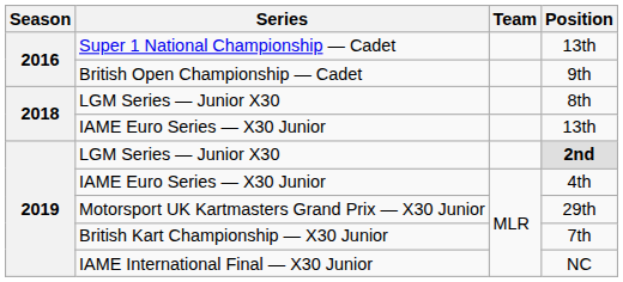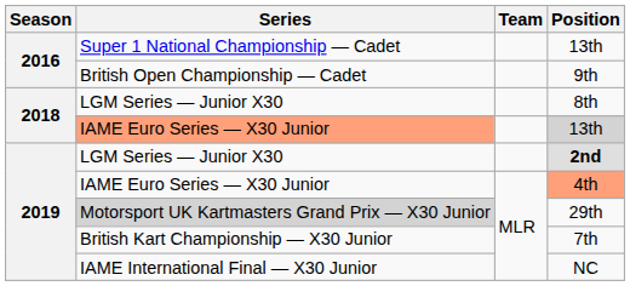 <table class="wikitable" style="font-size: 85%; text-align:center">
 <tr>
 <th>Season</th>
 <th>Series</th>
 <th>Team</th>
 <th>Position</th>
 </tr>
 <tr>
 <th rowspan="2">2016</th>
 <td align="left"><a href='#'>Super 1 National Championship</a> — Cadet</td>
 <td align="left"></td>
 <td>13th</td>
 </tr>
 <tr>
 <td align="left">British Open Championship — Cadet</td>
 <td align="left"></td>
 <td>9th</td>
 </tr>
 <tr>
 <th rowspan="2">2018</th>
 <td align="left">LGM Series — Junior X30</td>
 <td align="left"></td>
 <td>8th</td>
 </tr>
 <tr>
-<td align="left">IAME Euro Series — X30 Junior</td>
+<td align="left" style="background: lightsalmon;">IAME Euro Series — X30 Junior</td>
 <td></td>
-<td>13th</td>
+<td style="background: lightgrey;">13th</td>
 </tr>
 <tr>
 <th rowspan="5">2019</th>
 <td align="left">LGM Series — Junior X30</td>
 <td align="left"></td>
 <td style="background:#DFDFDF;"><strong>2nd</strong></td>
 </tr>
 <tr>
 <td align="left">IAME Euro Series — X30 Junior</td>
 <td rowspan="4"  align="left">MLR</td>
-<td>4th</td>
+<td style="background: lightsalmon;">4th</td>
 </tr>
 <tr>
-<td align="left">Motorsport UK Kartmasters Grand Prix — X30 Junior</td>
+<td align="left" style="background: lightgrey;">Motorsport UK Kartmasters Grand Prix — X30 Junior</td>
 <td>29th</td>
 </tr>
 <tr>
 <td align="left">British Kart Championship — X30 Junior</td>
 <td>7th</td>
 </tr>
 <tr>
 <td align="left">IAME International Final — X30 Junior</td>
 <td>NC</td>
 </tr>
 </table>
